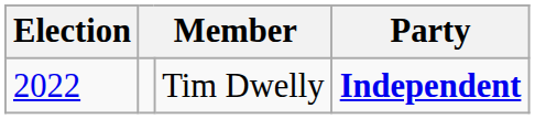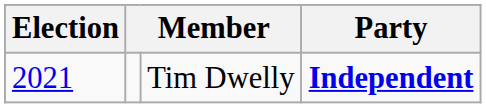 <table class="wikitable">
 <tr>
 <th>Election</th>
 <th colspan="2">Member</th>
 <th>Party</th>
 </tr>
 <tr>
-<td><a href='#'>2022</a></td>
+<td><a href='#'>2021</a></td>
 <td rowspan="1" style="background-color: "></td>
 <td rowspan="1">Tim Dwelly</td>
 <td rowspan="1"><strong><a href='#'>Independent</a></strong></td>
 </tr>
 </table>
